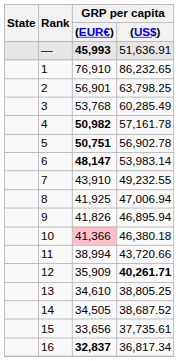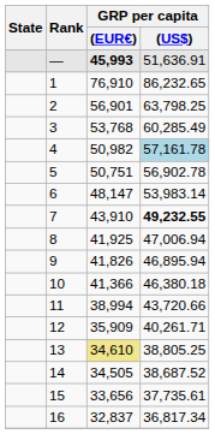 <table class="wikitable sortable">
 <tr>
 <th rowspan="2">State</th>
 <th rowspan="2" data-sort-type="number">Rank</th>
 <th colspan="2">GRP per capita</th>
 </tr>
 <tr>
 <th data-sort-type="number">(<a href='#'>EUR€</a>)</th>
 <th data-sort-type="number">(<a href='#'>US$</a>)</th>
 </tr>
 <tr style="background:#e6e6e6">
 <td align="left"><strong></strong></td>
 <td>—</td>
 <td><strong>45,993</strong></td>
 <td>51,636.91</td>
 </tr>
 <tr>
 <td align="left"></td>
 <td>1</td>
 <td>76,910</td>
 <td>86,232.65</td>
 </tr>
 <tr>
 <td align="left"></td>
 <td>2</td>
 <td>56,901</td>
 <td>63,798.25</td>
 </tr>
 <tr>
 <td align="left"></td>
 <td>3</td>
 <td>53,768</td>
 <td>60,285.49</td>
 </tr>
 <tr>
 <td align="left"></td>
 <td>4</td>
-<td><strong>50,982</strong></td>
-<td>57,161.78</td>
+<td>50,982</td>
+<td style="background: lightblue;">57,161.78</td>
 </tr>
 <tr>
 <td align="left"></td>
 <td>5</td>
-<td><strong>50,751</strong></td>
+<td>50,751</td>
 <td>56,902.78</td>
 </tr>
 <tr>
 <td align="left"></td>
 <td>6</td>
-<td><strong>48,147</strong></td>
+<td>48,147</td>
 <td>53,983.14</td>
 </tr>
 <tr>
 <td align="left"></td>
 <td>7</td>
 <td>43,910</td>
-<td>49,232.55</td>
+<td><strong>49,232.55</strong></td>
 </tr>
 <tr>
 <td align="left"></td>
 <td>8</td>
 <td>41,925</td>
 <td>47,006.94</td>
 </tr>
 <tr>
 <td align="left"></td>
 <td>9</td>
 <td>41,826</td>
 <td>46,895.94</td>
 </tr>
 <tr>
 <td align="left"></td>
 <td>10</td>
-<td style="background: pink;">41,366</td>
+<td>41,366</td>
 <td>46,380.18</td>
 </tr>
 <tr>
 <td align="left"></td>
 <td>11</td>
 <td>38,994</td>
 <td>43,720.66</td>
 </tr>
 <tr>
 <td align="left"></td>
 <td>12</td>
 <td>35,909</td>
-<td><strong>40,261.71</strong></td>
+<td>40,261.71</td>
 </tr>
 <tr>
 <td align="left"></td>
 <td>13</td>
-<td>34,610</td>
+<td style="background: khaki;">34,610</td>
 <td>38,805.25</td>
 </tr>
 <tr>
 <td align="left"></td>
 <td>14</td>
 <td>34,505</td>
 <td>38,687.52</td>
 </tr>
 <tr>
 <td align="left"></td>
 <td>15</td>
 <td>33,656</td>
 <td>37,735.61</td>
 </tr>
 <tr>
 <td align="left"></td>
 <td>16</td>
-<td><strong>32,837</strong></td>
+<td>32,837</td>
 <td>36,817.34</td>
 </tr>
 <tr>
 </tr>
 </table>
